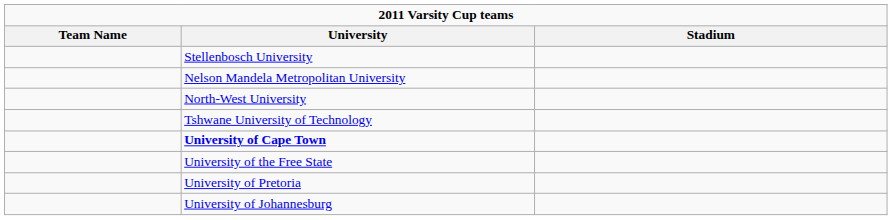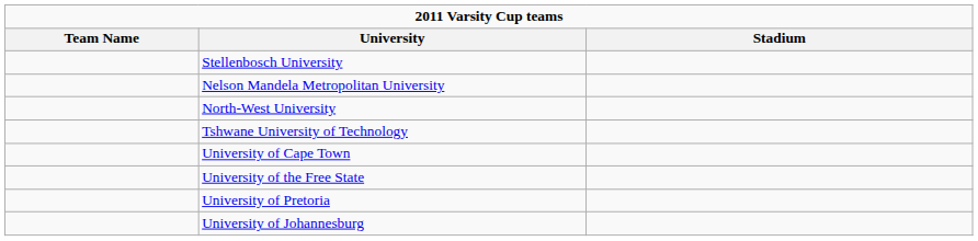 <table class="wikitable" style="text-align:left; line-height:110%; font-size:90%; width:60%;">
 <tr>
 <td colspan=4 align=center><strong>2011 Varsity Cup teams</strong></td>
 </tr>
 <tr>
 <th width="20%">Team Name</th>
 <th width="40%">University</th>
 <th width="40%">Stadium</th>
 </tr>
 <tr>
 <td></td>
 <td><a href='#'>Stellenbosch University</a></td>
 <td></td>
 </tr>
 <tr>
 <td></td>
 <td><a href='#'>Nelson Mandela Metropolitan University</a></td>
 <td></td>
 </tr>
 <tr>
 <td></td>
 <td><a href='#'>North-West University</a></td>
 <td></td>
 </tr>
 <tr>
 <td></td>
 <td><a href='#'>Tshwane University of Technology</a></td>
 <td></td>
 </tr>
 <tr>
 <td></td>
-<td><strong><a href='#'>University of Cape Town</a></strong></td>
+<td><a href='#'>University of Cape Town</a></td>
 <td></td>
 </tr>
 <tr>
 <td></td>
 <td><a href='#'>University of the Free State</a></td>
 <td></td>
 </tr>
 <tr>
 <td></td>
 <td><a href='#'>University of Pretoria</a></td>
 <td></td>
 </tr>
 <tr>
 <td></td>
 <td><a href='#'>University of Johannesburg</a></td>
 <td></td>
 </tr>
 </table>
